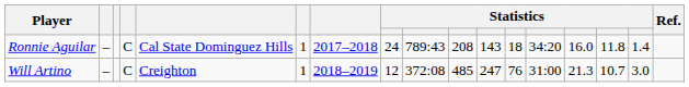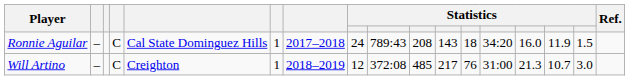 <table class="wikitable sortable" style="font-size:95%; text-align:right;">
 <tr>
 <th rowspan="2">Player</th>
 <th rowspan="2"></th>
 <th rowspan="2"></th>
 <th rowspan="2"></th>
 <th rowspan="2"></th>
 <th rowspan="2"></th>
 <th rowspan="2"></th>
 <th colspan="9">Statistics</th>
 <th rowspan="2">Ref.</th>
 </tr>
 <tr>
 <th></th>
 <th></th>
 <th></th>
 <th></th>
 <th></th>
 <th></th>
 <th></th>
 <th></th>
 <th></th>
 </tr>
 <tr>
 <td align="left"><em><a href='#'>Ronnie Aguilar</a></em></td>
 <td align="left">–</td>
 <td align="center"></td>
 <td align="center">C</td>
 <td align="left"><a href='#'>Cal State Dominguez Hills</a></td>
 <td align="center">1</td>
 <td align="center"><a href='#'>2017–2018</a></td>
 <td>24</td>
 <td>789:43</td>
 <td>208</td>
 <td>143</td>
 <td>18</td>
 <td>34:20</td>
 <td>16.0</td>
-<td>11.8</td>
-<td>1.4</td>
+<td>11.9</td>
+<td>1.5</td>
 <td align="center"></td>
 </tr>
 <tr>
 <td align="left"><em><a href='#'>Will Artino</a></em></td>
 <td align="left">–</td>
 <td align="center"></td>
 <td align="center">C</td>
 <td align="left"><a href='#'>Creighton</a></td>
 <td align="center">1</td>
 <td align="center"><a href='#'>2018–2019</a></td>
 <td>12</td>
 <td>372:08</td>
 <td>485</td>
-<td>247</td>
+<td>217</td>
 <td>76</td>
 <td>31:00</td>
 <td>21.3</td>
 <td>10.7</td>
 <td>3.0</td>
 <td align="center"></td>
 </tr>
 </table>
